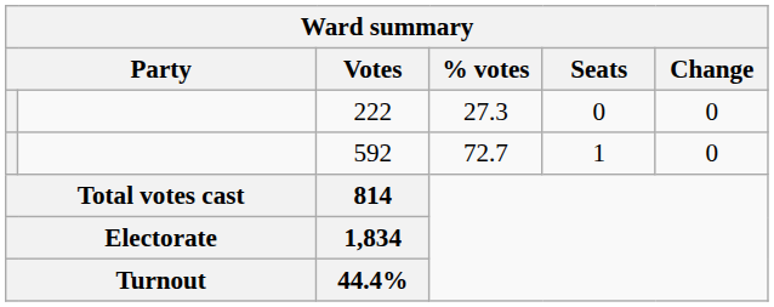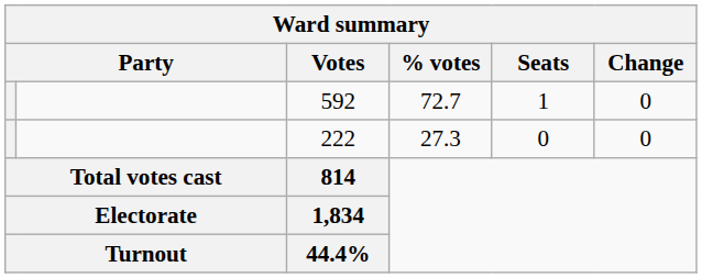 <table class="wikitable" style="font-size: 95%;">
 <tr style="background-color:#E9E9E9">
 <th colspan="6">Ward summary</th>
 </tr>
 <tr style="background-color:#E9E9E9">
 <th colspan="2">Party</th>
 <th style="width: 60px">Votes</th>
 <th style="width: 60px">% votes</th>
 <th style="width: 60px">Seats</th>
 <th style="width: 60px">Change</th>
 </tr>
 <tr>
 <th style="background-color: "></th>
 <td style="width: 170px"><a href='#'></a></td>
-<td align="center">222</td>
-<td align="center">27.3</td>
-<td align="center">0</td>
+<td align="center">592</td>
+<td align="center">72.7</td>
+<td align="center">1</td>
 <td align="center">0</td>
 </tr>
 <tr>
 <th style="background-color: "></th>
 <td style="width: 170px"><a href='#'></a></td>
-<td align="center">592</td>
-<td align="center">72.7</td>
-<td align="center">1</td>
+<td align="center">222</td>
+<td align="center">27.3</td>
+<td align="center">0</td>
 <td align="center">0</td>
 </tr>
 <tr style="background-color:#E9E9E9">
 <th colspan="2">Total votes cast</th>
 <th style="width: 60px">814</th>
 </tr>
 <tr style="background-color:#E9E9E9">
 <th colspan="2">Electorate</th>
 <th style="width: 60px">1,834</th>
 </tr>
 <tr style="background-color:#E9E9E9">
 <th colspan="2">Turnout</th>
 <th style="width: 60px">44.4%</th>
 </tr>
 </table>
